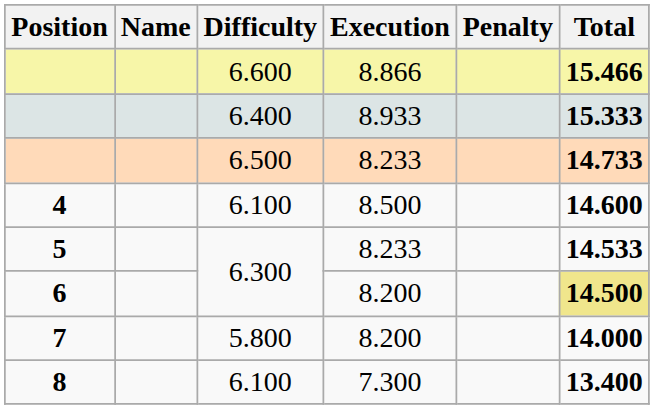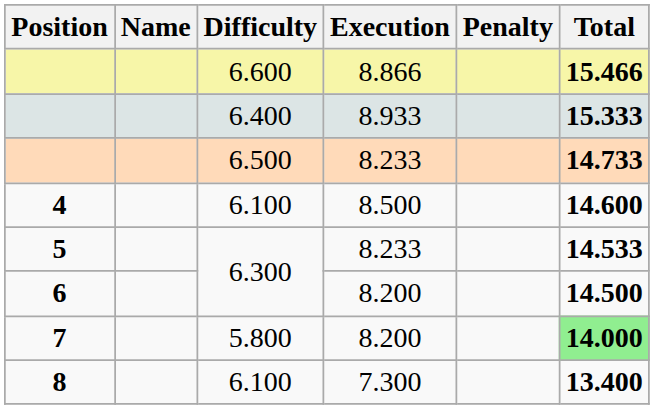 <table class="wikitable sortable" style="text-align:center">
 <tr>
 <th>Position</th>
 <th>Name</th>
 <th>Difficulty</th>
 <th>Execution</th>
 <th>Penalty</th>
 <th>Total</th>
 </tr>
 <tr style="background:#F7F6A8;">
 <td><strong></strong></td>
 <td align=left></td>
 <td>6.600</td>
 <td>8.866</td>
 <td></td>
 <td><strong>15.466</strong></td>
 </tr>
 <tr style="background:#DCE5E5;">
 <td><strong></strong></td>
 <td align="left"></td>
 <td>6.400</td>
 <td>8.933</td>
 <td></td>
 <td><strong>15.333</strong></td>
 </tr>
 <tr style="background:#FFDAB9;">
 <td><strong></strong></td>
 <td align=left></td>
 <td>6.500</td>
 <td>8.233</td>
 <td></td>
 <td><strong>14.733</strong></td>
 </tr>
 <tr>
 <td><strong>4</strong></td>
 <td align="left"></td>
 <td>6.100</td>
 <td>8.500</td>
 <td></td>
 <td><strong>14.600</strong></td>
 </tr>
 <tr>
 <td><strong>5</strong></td>
 <td align="left"></td>
 <td rowspan="2">6.300</td>
 <td>8.233</td>
 <td></td>
 <td><strong>14.533</strong></td>
 </tr>
 <tr>
 <td><strong>6</strong></td>
 <td align=left></td>
 <td>8.200</td>
 <td></td>
-<td style="background: khaki;"><strong>14.500</strong></td>
+<td><strong>14.500</strong></td>
 </tr>
 <tr>
 <td><strong>7</strong></td>
 <td align="left"></td>
 <td>5.800</td>
 <td>8.200</td>
 <td></td>
-<td><strong>14.000</strong></td>
+<td style="background: lightgreen;"><strong>14.000</strong></td>
 </tr>
 <tr>
 <td><strong>8</strong></td>
 <td align=left></td>
 <td>6.100</td>
 <td>7.300</td>
 <td></td>
 <td><strong>13.400</strong></td>
 </tr>
 </table>
